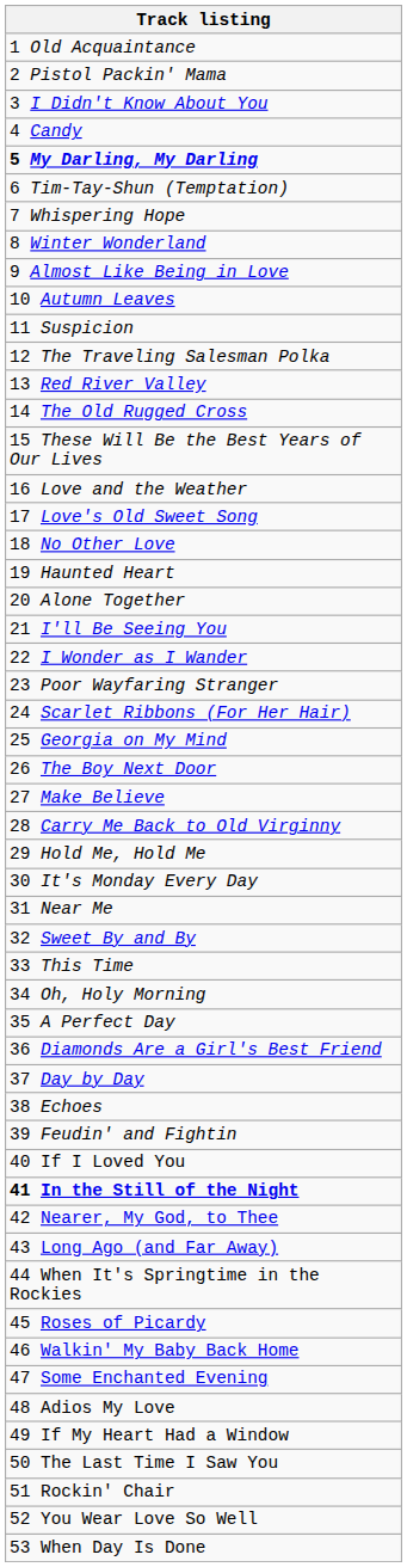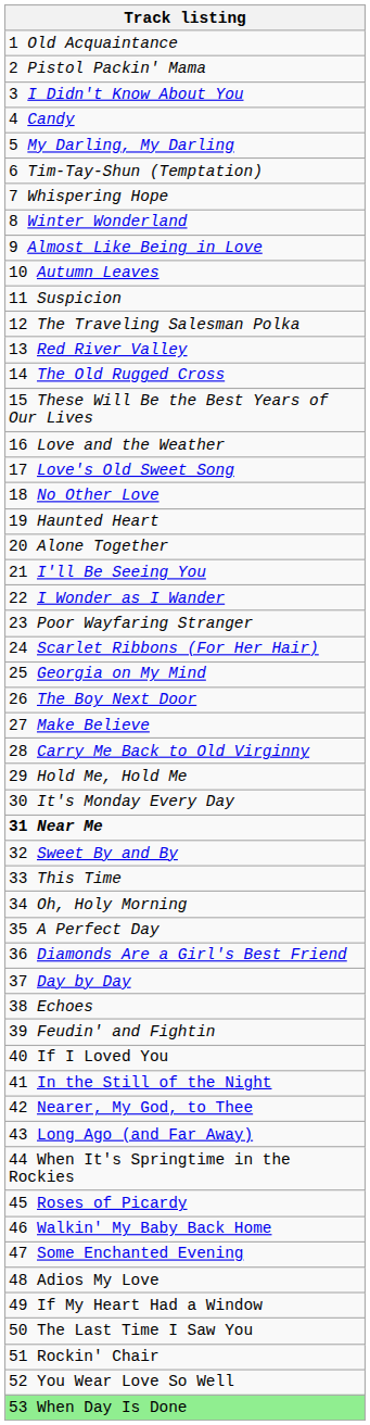 <table class="wikitable collapsible collapsed" style="width:300px;">
 <tr>
 <th>Track listing</th>
 </tr>
 <tr>
 <td>1 <em>Old Acquaintance</em></td>
 </tr>
 <tr>
 <td>2 <em>Pistol Packin' Mama</em></td>
 </tr>
 <tr>
 <td>3 <em><a href='#'>I Didn't Know About You</a></em></td>
 </tr>
 <tr>
 <td>4 <em><a href='#'>Candy</a></em></td>
 </tr>
 <tr>
-<td><strong>5 <em><a href='#'>My Darling, My Darling</a></em></strong></td>
+<td>5 <em><a href='#'>My Darling, My Darling</a></em></td>
 </tr>
 <tr>
 <td>6 <em>Tim-Tay-Shun (Temptation)</em></td>
 </tr>
 <tr>
 <td>7 <em>Whispering Hope</em></td>
 </tr>
 <tr>
 <td>8 <em><a href='#'>Winter Wonderland</a></em></td>
 </tr>
 <tr>
 <td>9 <em><a href='#'>Almost Like Being in Love</a></em></td>
 </tr>
 <tr>
 <td>10 <em><a href='#'>Autumn Leaves</a></em></td>
 </tr>
 <tr>
 <td>11 <em>Suspicion</em></td>
 </tr>
 <tr>
 <td>12 <em>The Traveling Salesman Polka</em></td>
 </tr>
 <tr>
 <td>13 <em><a href='#'>Red River Valley</a></em></td>
 </tr>
 <tr>
 <td>14 <em><a href='#'>The Old Rugged Cross</a></em></td>
 </tr>
 <tr>
 <td>15 <em>These Will Be the Best Years of Our Lives</em></td>
 </tr>
 <tr>
 <td>16 <em>Love and the Weather</em></td>
 </tr>
 <tr>
 <td>17 <em><a href='#'>Love's Old Sweet Song</a></em></td>
 </tr>
 <tr>
 <td>18 <em><a href='#'>No Other Love</a></em></td>
 </tr>
 <tr>
 <td>19 <em>Haunted Heart</em></td>
 </tr>
 <tr>
 <td>20 <em>Alone Together</em></td>
 </tr>
 <tr>
 <td>21 <em><a href='#'>I'll Be Seeing You</a></em></td>
 </tr>
 <tr>
 <td>22 <em><a href='#'>I Wonder as I Wander</a></em></td>
 </tr>
 <tr>
 <td>23 <em>Poor Wayfaring Stranger</em></td>
 </tr>
 <tr>
 <td>24 <em><a href='#'>Scarlet Ribbons (For Her Hair)</a></em></td>
 </tr>
 <tr>
 <td>25 <em><a href='#'>Georgia on My Mind</a></em></td>
 </tr>
 <tr>
 <td>26 <em><a href='#'>The Boy Next Door</a></em></td>
 </tr>
 <tr>
 <td>27 <em><a href='#'>Make Believe</a></em></td>
 </tr>
 <tr>
 <td>28 <em><a href='#'>Carry Me Back to Old Virginny</a></em></td>
 </tr>
 <tr>
 <td>29 <em>Hold Me, Hold Me</em></td>
 </tr>
 <tr>
 <td>30 <em>It's Monday Every Day</em></td>
 </tr>
 <tr>
-<td>31 <em>Near Me</em></td>
+<td><strong>31 <em>Near Me</em></strong></td>
 </tr>
 <tr>
 <td>32 <em><a href='#'>Sweet By and By</a></em></td>
 </tr>
 <tr>
 <td>33 <em>This Time</em></td>
 </tr>
 <tr>
 <td>34 <em>Oh, Holy Morning</em></td>
 </tr>
 <tr>
 <td>35 <em>A Perfect Day</em></td>
 </tr>
 <tr>
 <td>36 <em><a href='#'>Diamonds Are a Girl's Best Friend</a></em></td>
 </tr>
 <tr>
 <td>37 <em><a href='#'>Day by Day</a></em></td>
 </tr>
 <tr>
 <td>38 <em>Echoes</em></td>
 </tr>
 <tr>
 <td>39 <em>Feudin' and Fightin<strong></td>
 </tr>
 <tr>
 <td>40 </em>If I Loved You<em></td>
 </tr>
 <tr>
-<td><strong>41 </em><a href='#'>In the Still of the Night</a><em></strong></td>
+<td>41 </em><a href='#'>In the Still of the Night</a><em></td>
 </tr>
 <tr>
 <td>42 </em><a href='#'>Nearer, My God, to Thee</a><em></td>
 </tr>
 <tr>
 <td>43 </em><a href='#'>Long Ago (and Far Away)</a><em></td>
 </tr>
 <tr>
 <td>44 </em>When It's Springtime in the Rockies<em></td>
 </tr>
 <tr>
 <td>45 </em><a href='#'>Roses of Picardy</a><em></td>
 </tr>
 <tr>
 <td>46 </em><a href='#'>Walkin' My Baby Back Home</a><em></td>
 </tr>
 <tr>
 <td>47 </em><a href='#'>Some Enchanted Evening</a><em></td>
 </tr>
 <tr>
 <td>48 </em>Adios My Love<em></td>
 </tr>
 <tr>
 <td>49 </em>If My Heart Had a Window<em></td>
 </tr>
 <tr>
 <td>50 </em>The Last Time I Saw You<em></td>
 </tr>
 <tr>
 <td>51 </em>Rockin' Chair<em></td>
 </tr>
 <tr>
 <td>52 </em>You Wear Love So Well<em></td>
 </tr>
 <tr>
-<td>53 </em>When Day Is Done<em></td>
+<td style="background: lightgreen;">53 </em>When Day Is Done<em></td>
 </tr>
 </table>
